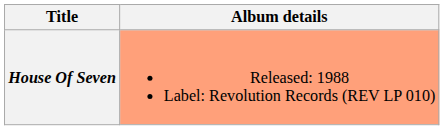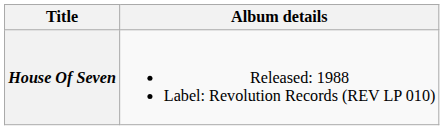 <table class="wikitable plainrowheaders" style="text-align:center;">
 <tr>
 <th>Title</th>
 <th>Album details</th>
 </tr>
 <tr>
 <th scope="row"><em>House Of Seven</em></th>
-<td style="background: lightsalmon;"><br><ul><li>Released: 1988</li><li>Label: Revolution Records (REV LP 010)</li></ul></td>
+<td><br><ul><li>Released: 1988</li><li>Label: Revolution Records (REV LP 010)</li></ul></td>
 </tr>
 </table>
